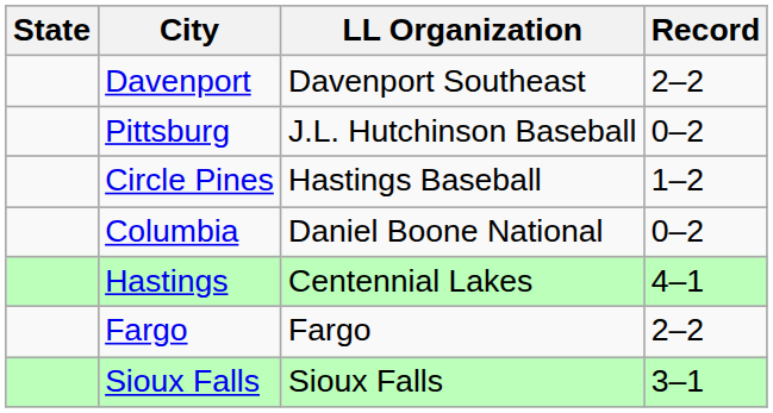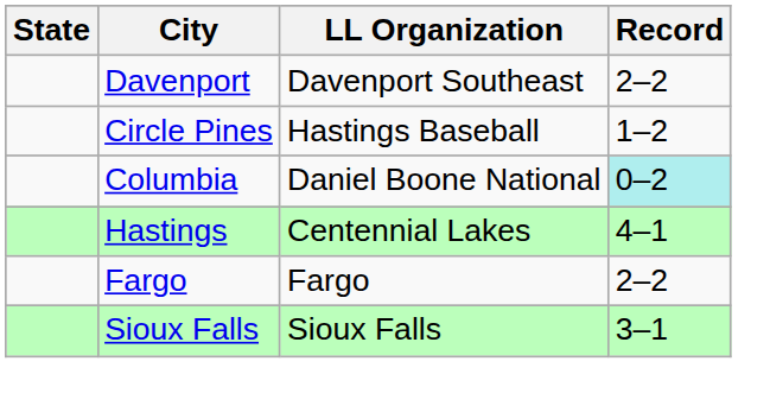 <table class="wikitable">
 <tr>
 <th>State</th>
 <th>City</th>
 <th>LL Organization</th>
 <th>Record</th>
 </tr>
 <tr>
 <td><strong></strong></td>
 <td><a href='#'>Davenport</a></td>
 <td>Davenport Southeast</td>
 <td>2–2</td>
 </tr>
 <tr>
 <td><strong></strong></td>
-<td><a href='#'>Pittsburg</a></td>
-<td>J.L. Hutchinson Baseball</td>
-<td>0–2</td>
-</tr>
-<tr>
-<td><strong></strong></td>
 <td><a href='#'>Circle Pines</a></td>
 <td>Hastings Baseball</td>
 <td>1–2</td>
 </tr>
 <tr>
 <td><strong></strong></td>
 <td><a href='#'>Columbia</a></td>
 <td>Daniel Boone National</td>
-<td>0–2</td>
+<td style="background: paleturquoise;">0–2</td>
 </tr>
 <tr bgcolor="bbffbb">
 <td><strong></strong></td>
 <td><a href='#'>Hastings</a></td>
 <td>Centennial Lakes</td>
 <td>4–1</td>
 </tr>
 <tr>
 <td><strong></strong></td>
 <td><a href='#'>Fargo</a></td>
 <td>Fargo</td>
 <td>2–2</td>
 </tr>
 <tr bgcolor="bbffbb">
 <td><strong></strong></td>
 <td><a href='#'>Sioux Falls</a></td>
 <td>Sioux Falls</td>
 <td>3–1</td>
 </tr>
 </table>
